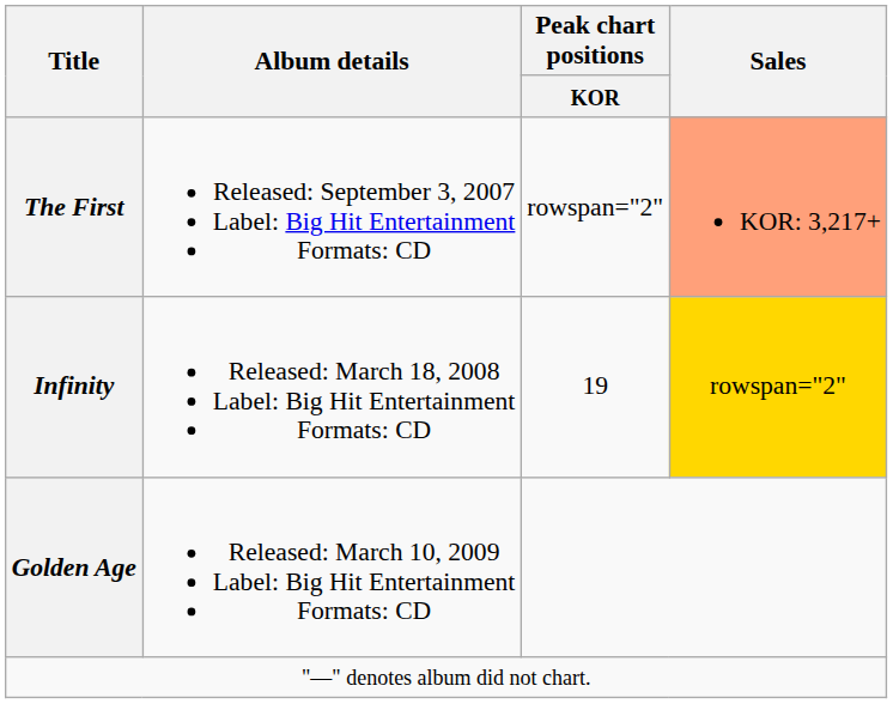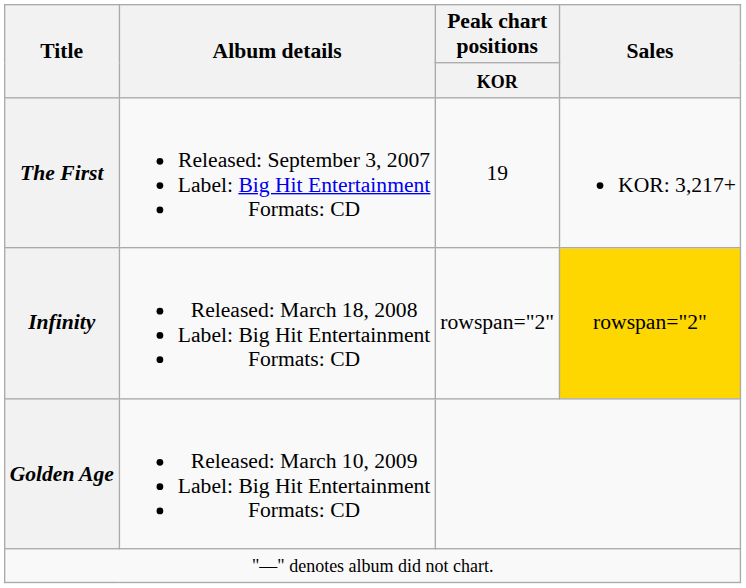 <table class="wikitable plainrowheaders" style="text-align:center;">
 <tr>
 <th scope="col" rowspan="2">Title</th>
 <th scope="col" rowspan="2">Album details</th>
 <th scope="col" colspan="1" style="width:5em;">Peak chart positions</th>
 <th scope="col" rowspan="2">Sales</th>
 </tr>
 <tr>
 <th><small>KOR</small><br></th>
 </tr>
 <tr>
 <th scope="row"><em>The First</em></th>
 <td><br><ul><li>Released: September 3, 2007</li><li>Label: <a href='#'>Big Hit Entertainment</a></li><li>Formats: CD</li></ul></td>
-<td>rowspan="2" </td>
-<td style="background: lightsalmon;"><br><ul><li>KOR: 3,217+</li></ul></td>
+<td>19</td>
+<td><br><ul><li>KOR: 3,217+</li></ul></td>
 </tr>
 <tr>
 <th scope="row"><em>Infinity</em></th>
 <td><br><ul><li>Released: March 18, 2008</li><li>Label: Big Hit Entertainment</li><li>Formats: CD</li></ul></td>
-<td>19</td>
+<td>rowspan="2" </td>
 <td style="background: gold;">rowspan="2" </td>
 </tr>
 <tr>
 <th scope="row"><em>Golden Age</em></th>
 <td><br><ul><li>Released: March 10, 2009</li><li>Label: Big Hit Entertainment</li><li>Formats: CD</li></ul></td>
 </tr>
 <tr>
 <td colspan="4" align="center"><small>"—" denotes album did not chart.</small></td>
 </tr>
 </table>
